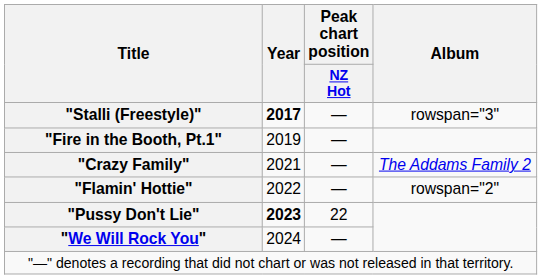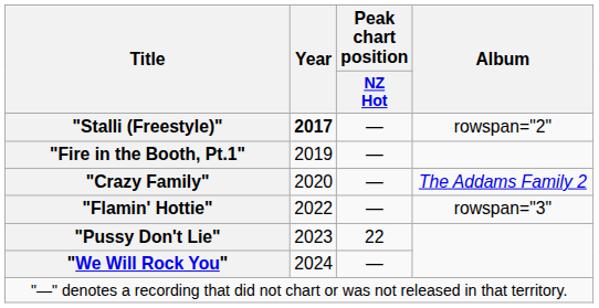 <table class="wikitable plainrowheaders" style="text-align:center;">
 <tr>
 <th scope="col" rowspan="2" style="width:16em;">Title</th>
 <th scope="col" rowspan="2">Year</th>
 <th scope="col" colspan="1">Peak chart position</th>
 <th scope="col" rowspan="2" style="width:10em">Album</th>
 </tr>
 <tr>
 <th scope="col" style="width:2.5em;font-size:90%;"><a href='#'>NZ<br>Hot</a><br></th>
 </tr>
 <tr>
 <th scope="row">"Stalli (Freestyle)"</th>
 <td><strong>2017</strong></td>
 <td>—</td>
-<td>rowspan="3" </td>
+<td>rowspan="2" </td>
 </tr>
 <tr>
 <th scope="row">"Fire in the Booth, Pt.1"</th>
 <td>2019</td>
 <td>—</td>
 </tr>
 <tr>
 <th scope="row">"Crazy Family"<br></th>
-<td>2021</td>
+<td>2020</td>
 <td>—</td>
 <td><em><a href='#'>The Addams Family 2</a></em></td>
 </tr>
 <tr>
 <th scope="row">"Flamin' Hottie"</th>
 <td>2022</td>
 <td>—</td>
-<td>rowspan="2" </td>
+<td>rowspan="3" </td>
 </tr>
 <tr>
 <th scope="row">"Pussy Don't Lie"<br></th>
-<td><strong>2023</strong></td>
+<td>2023</td>
 <td>22</td>
 </tr>
 <tr>
 <th scope="row">"<a href='#'>We Will Rock You</a>"<br></th>
 <td>2024</td>
 <td>—</td>
 </tr>
 <tr>
 <td colspan="8" style="font-size:90%">"—" denotes a recording that did not chart or was not released in that territory.</td>
 </tr>
 </table>
